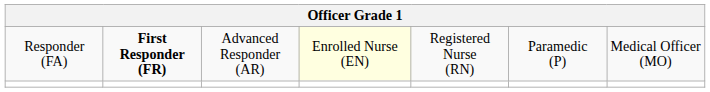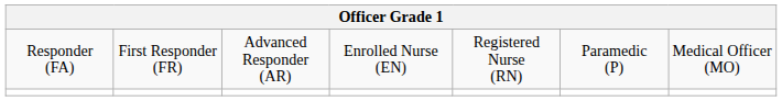 <table class="wikitable"  style="margin:0.5em auto; width:90%;">
 <tr>
 <th colspan=7>Officer Grade 1</th>
 </tr>
 <tr align=center>
 <td width="14%">Responder<br>(FA)</td>
-<td width="14%"><strong>First Responder<br>(FR)</strong></td>
+<td width="14%">First Responder<br>(FR)</td>
 <td width="14%">Advanced Responder<br>(AR)</td>
-<td width="16%" style="background: lightyellow;">Enrolled Nurse<br>(EN)</td>
+<td width="16%">Enrolled Nurse<br>(EN)</td>
 <td width="14%">Registered Nurse<br>(RN)</td>
 <td width="14%">Paramedic<br>(P)</td>
 <td width="14%">Medical Officer<br>(MO)</td>
 </tr>
 <tr style="text-align:center; background: white;">
 <td></td>
 <td></td>
 <td></td>
 <td></td>
 <td></td>
 <td></td>
 <td></td>
 </tr>
 </table>
